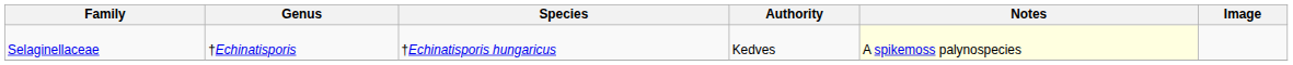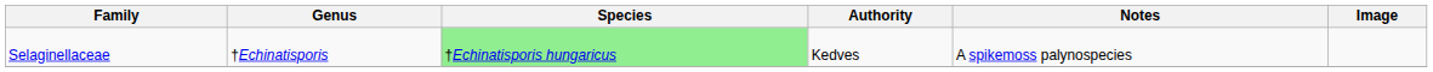 <table class="wikitable" align="center" width="100%">
 <tr>
 <th>Family</th>
 <th>Genus</th>
 <th>Species</th>
 <th>Authority</th>
 <th>Notes</th>
 <th>Image</th>
 </tr>
 <tr>
 <td><br><a href='#'>Selaginellaceae</a></td>
 <td><br>†<em><a href='#'>Echinatisporis</a></em></td>
-<td><br>†<em><a href='#'>Echinatisporis hungaricus</a></em></td>
+<td style="background: lightgreen;"><br>†<em><a href='#'>Echinatisporis hungaricus</a></em></td>
 <td><br>Kedves</td>
-<td style="background: lightyellow;"><br>A <a href='#'>spikemoss</a> palynospecies</td>
+<td><br>A <a href='#'>spikemoss</a> palynospecies</td>
 <td></td>
 </tr>
 <tr>
 </tr>
 </table>
